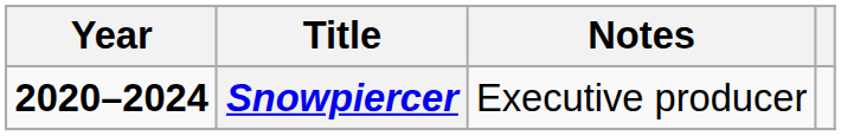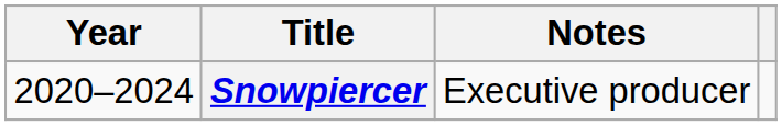 <table class="wikitable plainrowheaders">
 <tr>
 </tr>
 <tr>
 <th scope="col">Year</th>
 <th scope="col">Title</th>
 <th scope="col">Notes</th>
 <th scope="col"></th>
 </tr>
 <tr>
-<td><strong>2020–2024</strong></td>
+<td>2020–2024</td>
 <th scope=row><em><a href='#'>Snowpiercer</a></em></th>
 <td>Executive producer</td>
 <td align="center"></td>
 </tr>
 <tr>
 </tr>
 </table>
